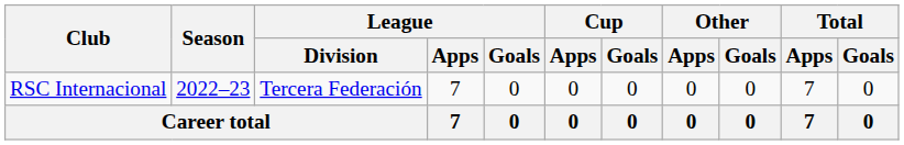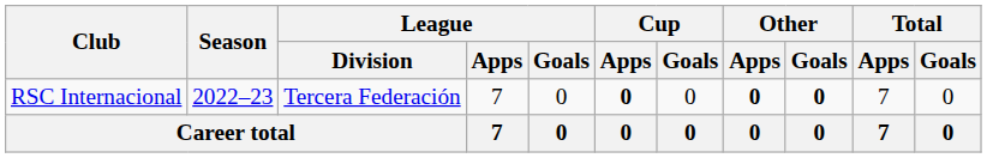 <table class=wikitable style=text-align:center>
 <tr>
 <th rowspan="2">Club</th>
 <th rowspan="2">Season</th>
 <th colspan="3">League</th>
 <th colspan="2">Cup</th>
 <th colspan="2">Other</th>
 <th colspan="2">Total</th>
 </tr>
 <tr>
 <th>Division</th>
 <th>Apps</th>
 <th>Goals</th>
 <th>Apps</th>
 <th>Goals</th>
 <th>Apps</th>
 <th>Goals</th>
 <th>Apps</th>
 <th>Goals</th>
 </tr>
 <tr>
 <td><a href='#'>RSC Internacional</a></td>
 <td><a href='#'>2022–23</a></td>
 <td><a href='#'>Tercera Federación</a></td>
 <td>7</td>
 <td>0</td>
+<td><strong>0</strong></td>
 <td>0</td>
-<td>0</td>
-<td>0</td>
-<td>0</td>
+<td><strong>0</strong></td>
+<td><strong>0</strong></td>
 <td>7</td>
 <td>0</td>
 </tr>
 <tr>
 <th colspan="3">Career total</th>
 <th>7</th>
 <th>0</th>
 <th>0</th>
 <th>0</th>
 <th>0</th>
 <th>0</th>
 <th>7</th>
 <th>0</th>
 </tr>
 </table>
